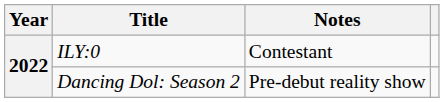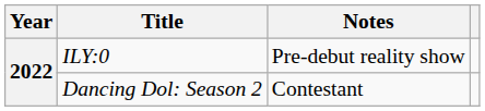 <table class="wikitable plainrowheaders sortable">
 <tr>
 <th scope="col">Year</th>
 <th scope="col">Title</th>
 <th scope="col">Notes</th>
 <th scope="col" class="unsortable"></th>
 </tr>
 <tr>
 <th scope="row" rowspan="3">2022</th>
 <td><em>ILY:0</em></td>
-<td>Contestant</td>
+<td>Pre-debut reality show</td>
 <td align=center></td>
 </tr>
 <tr>
 <td><em>Dancing Dol: Season 2</em></td>
-<td>Pre-debut reality show</td>
+<td>Contestant</td>
 <td></td>
 </tr>
 </table>
